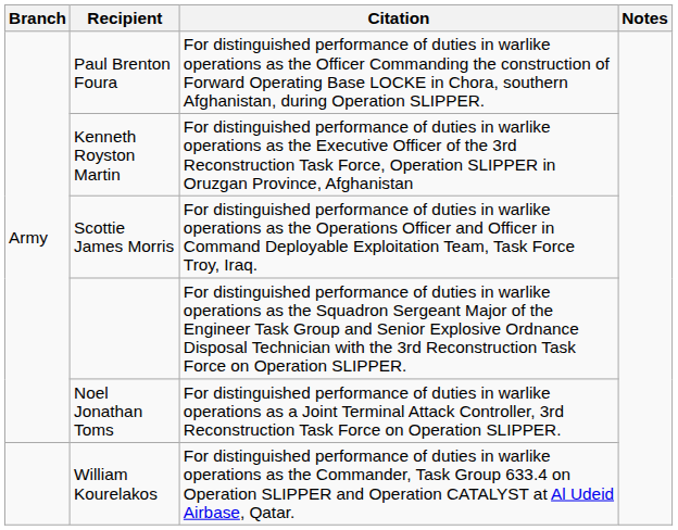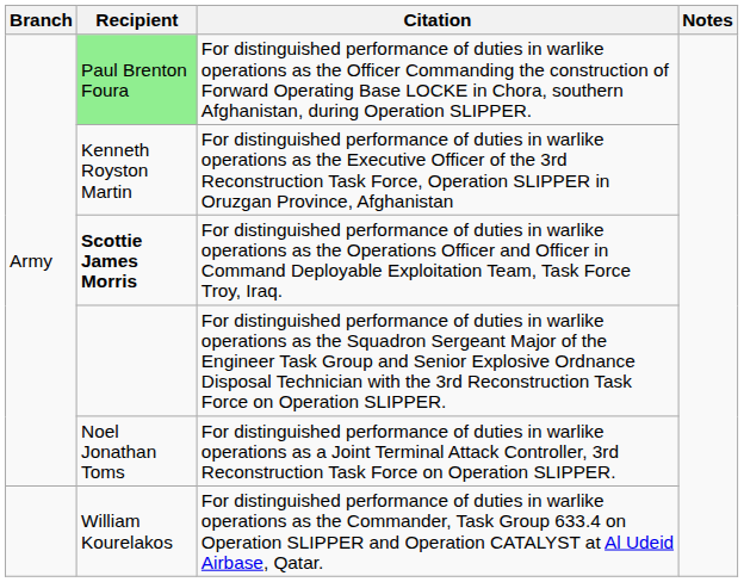 <table class="wikitable" style="font-size:95%;">
 <tr>
 <th>Branch</th>
 <th>Recipient</th>
 <th>Citation</th>
 <th>Notes</th>
 </tr>
 <tr>
 <td rowspan=5>Army</td>
-<td> Paul Brenton Foura</td>
+<td style="background: lightgreen;"> Paul Brenton Foura</td>
 <td>For distinguished performance of duties in warlike operations as the Officer Commanding the construction of Forward Operating Base LOCKE in Chora, southern Afghanistan, during Operation SLIPPER.</td>
 <td rowspan=6></td>
 </tr>
 <tr>
 <td> Kenneth Royston Martin</td>
 <td>For distinguished performance of duties in warlike operations as the Executive Officer of the 3rd Reconstruction Task Force, Operation SLIPPER in Oruzgan Province, Afghanistan</td>
 </tr>
 <tr>
-<td> Scottie James Morris</td>
+<td><strong> Scottie James Morris</strong></td>
 <td>For distinguished performance of duties in warlike operations as the Operations Officer and Officer in Command Deployable Exploitation Team, Task Force Troy, Iraq.</td>
 </tr>
 <tr>
 <td></td>
 <td>For distinguished performance of duties in warlike operations as the Squadron Sergeant Major of the Engineer Task Group and Senior Explosive Ordnance Disposal Technician with the 3rd Reconstruction Task Force on Operation SLIPPER.</td>
 </tr>
 <tr>
 <td> Noel Jonathan Toms</td>
 <td>For distinguished performance of duties in warlike operations as a Joint Terminal Attack Controller, 3rd Reconstruction Task Force on Operation SLIPPER.</td>
 </tr>
 <tr>
 <td></td>
 <td> William Kourelakos </td>
 <td>For distinguished performance of duties in warlike operations as the Commander, Task Group 633.4 on Operation SLIPPER and Operation CATALYST at <a href='#'>Al Udeid Airbase</a>, Qatar.</td>
 </tr>
 </table>
